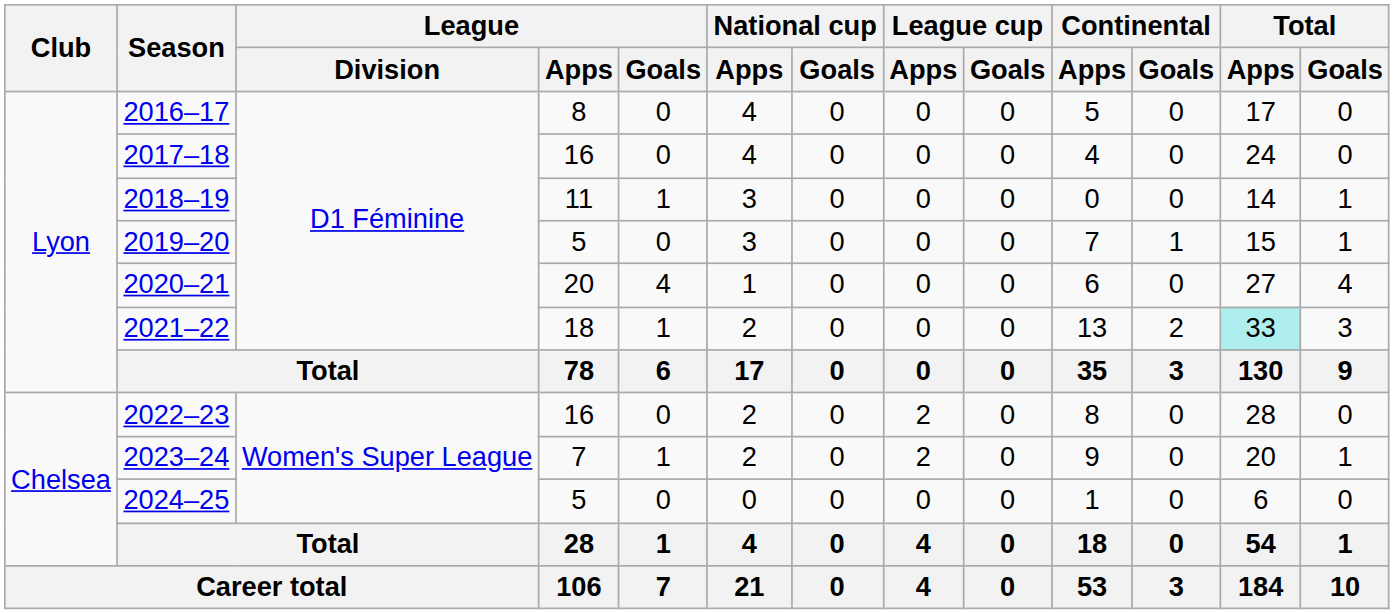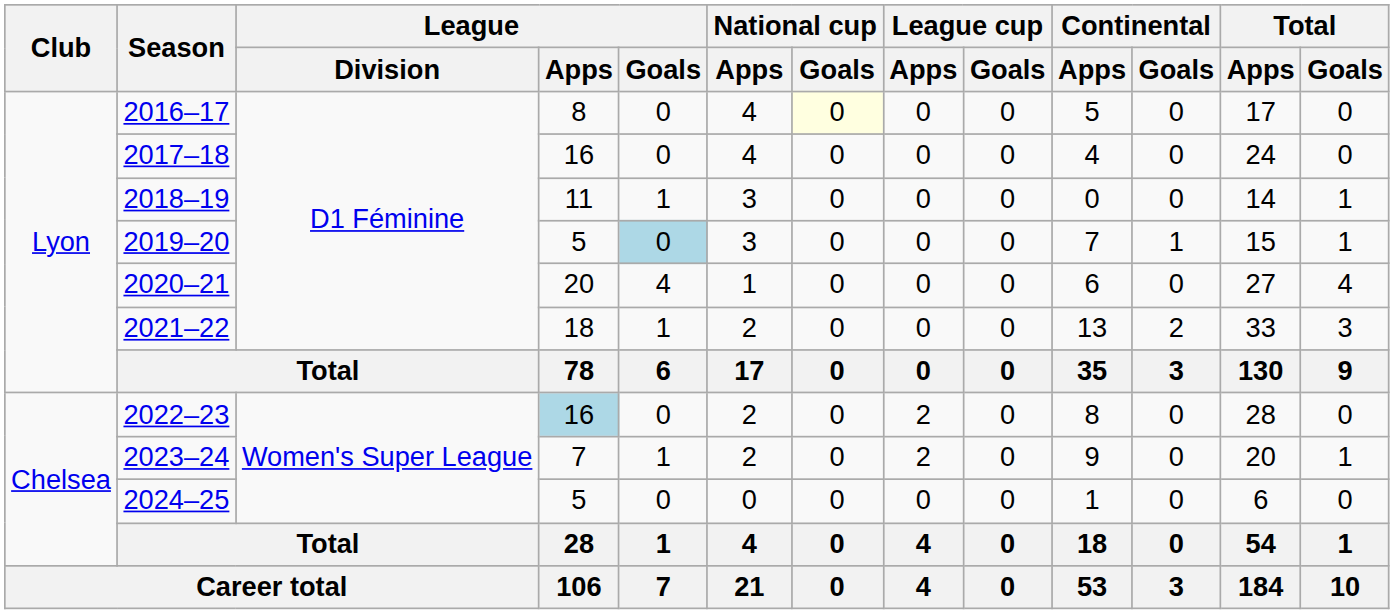 <table class="wikitable" style="text-align:center">
 <tr>
 <th rowspan="2">Club</th>
 <th rowspan="2">Season</th>
 <th colspan="3">League</th>
 <th colspan="2">National cup</th>
 <th colspan="2">League cup</th>
 <th colspan="2">Continental</th>
 <th colspan="2">Total</th>
 </tr>
 <tr>
 <th>Division</th>
 <th>Apps</th>
 <th>Goals</th>
 <th>Apps</th>
 <th>Goals</th>
 <th>Apps</th>
 <th>Goals</th>
 <th>Apps</th>
 <th>Goals</th>
 <th>Apps</th>
 <th>Goals</th>
 </tr>
 <tr>
 <td rowspan="7"><a href='#'>Lyon</a></td>
 <td><a href='#'>2016–17</a></td>
 <td rowspan="6"><a href='#'>D1 Féminine</a></td>
 <td>8</td>
 <td>0</td>
 <td>4</td>
-<td>0</td>
+<td style="background: lightyellow;">0</td>
 <td>0</td>
 <td>0</td>
 <td>5</td>
 <td>0</td>
 <td>17</td>
 <td>0</td>
 </tr>
 <tr>
 <td><a href='#'>2017–18</a></td>
 <td>16</td>
 <td>0</td>
 <td>4</td>
 <td>0</td>
 <td>0</td>
 <td>0</td>
 <td>4</td>
 <td>0</td>
 <td>24</td>
 <td>0</td>
 </tr>
 <tr>
 <td><a href='#'>2018–19</a></td>
 <td>11</td>
 <td>1</td>
 <td>3</td>
 <td>0</td>
 <td>0</td>
 <td>0</td>
 <td>0</td>
 <td>0</td>
 <td>14</td>
 <td>1</td>
 </tr>
 <tr>
 <td><a href='#'>2019–20</a></td>
 <td>5</td>
-<td>0</td>
+<td style="background: lightblue;">0</td>
 <td>3</td>
 <td>0</td>
 <td>0</td>
 <td>0</td>
 <td>7</td>
 <td>1</td>
 <td>15</td>
 <td>1</td>
 </tr>
 <tr>
 <td><a href='#'>2020–21</a></td>
 <td>20</td>
 <td>4</td>
 <td>1</td>
 <td>0</td>
 <td>0</td>
 <td>0</td>
 <td>6</td>
 <td>0</td>
 <td>27</td>
 <td>4</td>
 </tr>
 <tr>
 <td><a href='#'>2021–22</a></td>
 <td>18</td>
 <td>1</td>
 <td>2</td>
 <td>0</td>
 <td>0</td>
 <td>0</td>
 <td>13</td>
 <td>2</td>
-<td style="background: paleturquoise;">33</td>
+<td>33</td>
 <td>3</td>
 </tr>
 <tr>
 <th colspan="2">Total</th>
 <th>78</th>
 <th>6</th>
 <th>17</th>
 <th>0</th>
 <th>0</th>
 <th>0</th>
 <th>35</th>
 <th>3</th>
 <th>130</th>
 <th>9</th>
 </tr>
 <tr>
 <td rowspan="4"><a href='#'>Chelsea</a></td>
 <td><a href='#'>2022–23</a></td>
 <td rowspan="3"><a href='#'>Women's Super League</a></td>
-<td>16</td>
+<td style="background: lightblue;">16</td>
 <td>0</td>
 <td>2</td>
 <td>0</td>
 <td>2</td>
 <td>0</td>
 <td>8</td>
 <td>0</td>
 <td>28</td>
 <td>0</td>
 </tr>
 <tr>
 <td><a href='#'>2023–24</a></td>
 <td>7</td>
 <td>1</td>
 <td>2</td>
 <td>0</td>
 <td>2</td>
 <td>0</td>
 <td>9</td>
 <td>0</td>
 <td>20</td>
 <td>1</td>
 </tr>
 <tr>
 <td><a href='#'>2024–25</a></td>
 <td>5</td>
 <td>0</td>
 <td>0</td>
 <td>0</td>
 <td>0</td>
 <td>0</td>
 <td>1</td>
 <td>0</td>
 <td>6</td>
 <td>0</td>
 </tr>
 <tr>
 <th colspan="2">Total</th>
 <th>28</th>
 <th>1</th>
 <th>4</th>
 <th>0</th>
 <th>4</th>
 <th>0</th>
 <th>18</th>
 <th>0</th>
 <th>54</th>
 <th>1</th>
 </tr>
 <tr>
 <th colspan="3">Career total</th>
 <th>106</th>
 <th>7</th>
 <th>21</th>
 <th>0</th>
 <th>4</th>
 <th>0</th>
 <th>53</th>
 <th>3</th>
 <th>184</th>
 <th>10</th>
 </tr>
 </table>
